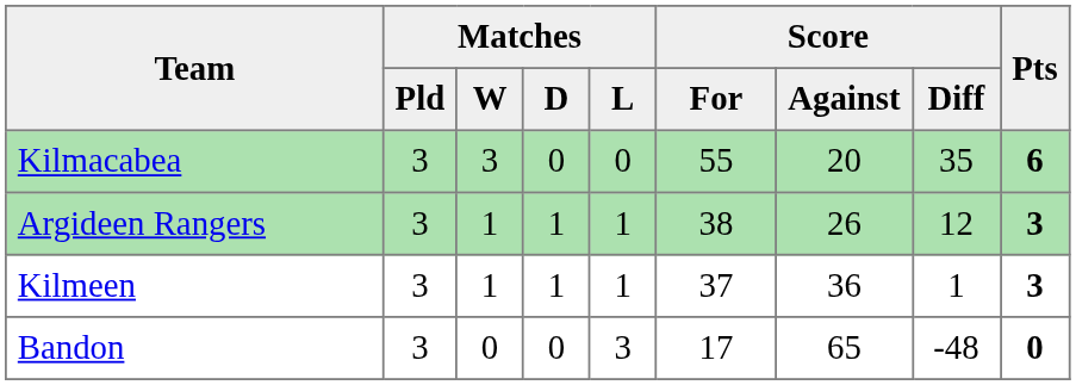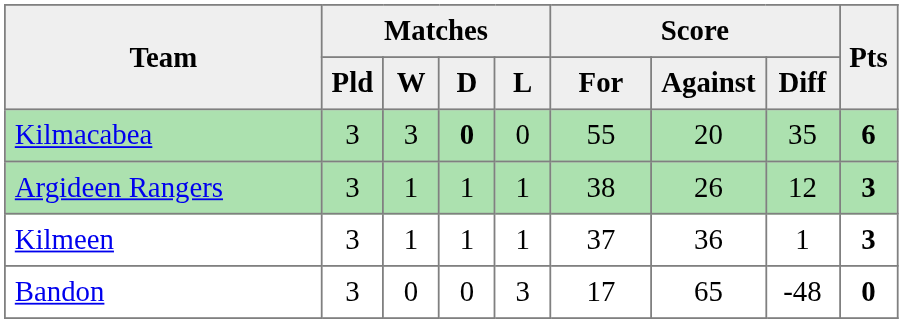 <table style=border-collapse:collapse border=1 cellspacing=0 cellpadding=5>
 <tr align=center bgcolor=#efefef>
 <th rowspan=2 width=165>Team</th>
 <th colspan=4>Matches</th>
 <th colspan=3>Score</th>
 <th rowspan=2width=20>Pts</th>
 </tr>
 <tr align=center bgcolor=#efefef>
 <th width=20>Pld</th>
 <th width=20>W</th>
 <th width=20>D</th>
 <th width=20>L</th>
 <th width=45>For</th>
 <th width=45>Against</th>
 <th width=30>Diff</th>
 </tr>
 <tr align=center style="background:#ACE1AF;">
 <td style="text-align:left;"><a href='#'>Kilmacabea</a></td>
 <td>3</td>
 <td>3</td>
-<td>0</td>
+<td><strong>0</strong></td>
 <td>0</td>
 <td>55</td>
 <td>20</td>
 <td>35</td>
 <td><strong>6</strong></td>
 </tr>
 <tr align=center style="background:#ACE1AF;">
 <td style="text-align:left;"><a href='#'>Argideen Rangers</a></td>
 <td>3</td>
 <td>1</td>
 <td>1</td>
 <td>1</td>
 <td>38</td>
 <td>26</td>
 <td>12</td>
 <td><strong>3</strong></td>
 </tr>
 <tr align=center>
 <td style="text-align:left;"><a href='#'>Kilmeen</a></td>
 <td>3</td>
 <td>1</td>
 <td>1</td>
 <td>1</td>
 <td>37</td>
 <td>36</td>
 <td>1</td>
 <td><strong>3</strong></td>
 </tr>
 <tr align=center>
 <td style="text-align:left;"><a href='#'>Bandon</a></td>
 <td>3</td>
 <td>0</td>
 <td>0</td>
 <td>3</td>
 <td>17</td>
 <td>65</td>
 <td>-48</td>
 <td><strong>0</strong></td>
 </tr>
 </table>
